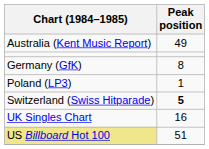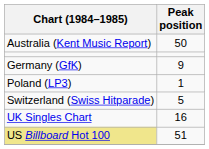 <table class="wikitable sortable">
 <tr>
 <th>Chart (1984–1985)</th>
 <th>Peak<br>position</th>
 </tr>
 <tr>
 <td>Australia (<a href='#'>Kent Music Report</a>)</td>
-<td align="center">49</td>
+<td align="center">50</td>
 </tr>
 <tr>
 <td></td>
 </tr>
 <tr>
 <td>Germany (<a href='#'>GfK</a>)</td>
-<td align="center">8</td>
+<td align="center">9</td>
 </tr>
 <tr>
 <td>Poland (<a href='#'>LP3</a>)</td>
 <td align="center">1</td>
 </tr>
 <tr>
 <td>Switzerland (<a href='#'>Swiss Hitparade</a>)</td>
-<td align="center"><strong>5</strong></td>
+<td align="center">5</td>
 </tr>
 <tr>
 <td><a href='#'>UK Singles Chart</a></td>
 <td align="center">16</td>
 </tr>
 <tr>
 <td style="background: khaki;">US <a href='#'><em>Billboard</em> Hot 100</a></td>
 <td align="center">51</td>
 </tr>
 <tr>
 </tr>
 </table>
